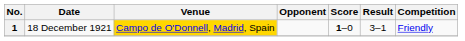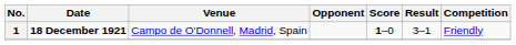 <table class="wikitable sortable plainrowheaders">
 <tr>
 <th scope=col>No.</th>
 <th scope=col>Date</th>
 <th scope=col>Venue</th>
 <th scope=col>Opponent</th>
 <th scope=col>Score</th>
 <th scope=col>Result</th>
 <th scope=col>Competition</th>
 </tr>
 <tr>
 <th scope=row style=text-align:center>1</th>
-<td rowspan="1">18 December 1921</td>
-<td rowspan="1" style="background: gold;"><a href='#'>Campo de O'Donnell</a>, <a href='#'>Madrid</a>, Spain</td>
+<td rowspan="1"><strong>18 December 1921</strong></td>
+<td rowspan="1"><a href='#'>Campo de O'Donnell</a>, <a href='#'>Madrid</a>, Spain</td>
 <td rowspan="1"></td>
 <td align=center><strong>1</strong>–0</td>
 <td rowspan="1" align=center>3–1</td>
 <td rowspan="1"><a href='#'>Friendly</a></td>
 </tr>
 <tr>
 </tr>
 </table>
